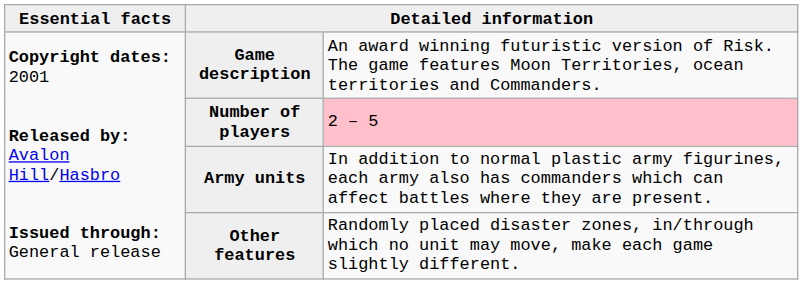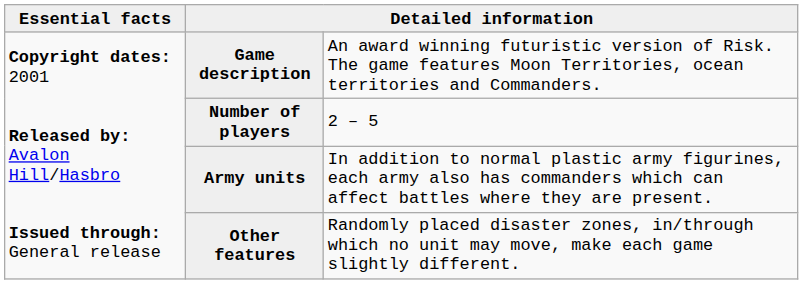 <table class="wikitable">
 <tr>
 <th style="background:#efefef;">Essential facts</th>
 <th style="background:#efefef;" colspan=2>Detailed information</th>
 </tr>
 <tr>
 <td rowspan=4><strong>Copyright dates:</strong> 2001<br><br><br> <strong>Released by:</strong> <a href='#'>Avalon Hill</a>/<a href='#'>Hasbro</a> <br><br><br> <strong>Issued through:</strong> General release</td>
 <th style="background:#efefef;">Game description</th>
 <td>An award winning futuristic version of Risk. The game features Moon Territories, ocean territories and Commanders.</td>
 </tr>
 <tr>
 <th style="background:#efefef;">Number of players</th>
-<td style="background: pink;">2 – 5</td>
+<td>2 – 5</td>
 </tr>
 <tr>
 <th style="background:#efefef;">Army units</th>
 <td>In addition to normal plastic army figurines, each army also has commanders which can affect battles where they are present.</td>
 </tr>
 <tr>
 <th style="background:#efefef;">Other features</th>
 <td>Randomly placed disaster zones, in/through which no unit may move, make each game slightly different.</td>
 </tr>
 </table>
